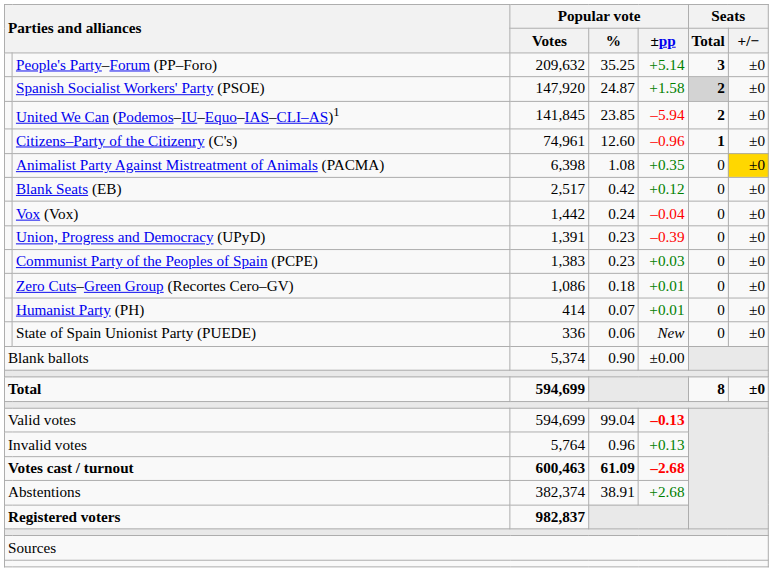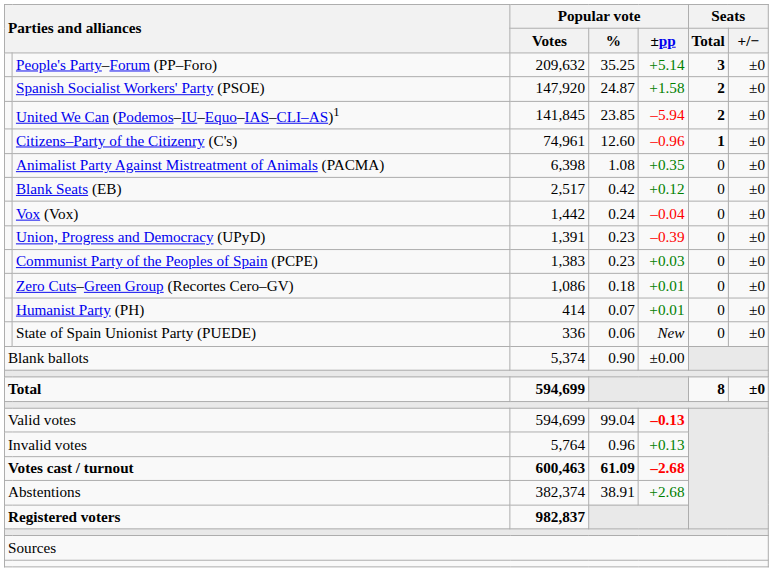 <table class="wikitable" style="text-align:right;">
 <tr>
 <th style="text-align:left;" rowspan="2" colspan="2" width="525">Parties and alliances</th>
 <th colspan="3">Popular vote</th>
 <th colspan="2">Seats</th>
 </tr>
 <tr>
 <th width="75">Votes</th>
 <th width="45">%</th>
 <th width="45">±<a href='#'>pp</a></th>
 <th width="35">Total</th>
 <th width="35">+/−</th>
 </tr>
 <tr>
 <td width="1" style="color:inherit;background:"></td>
 <td align="left"><a href='#'>People's Party</a>–<a href='#'>Forum</a> (PP–Foro)</td>
 <td>209,632</td>
 <td>35.25</td>
 <td style="color:green;">+5.14</td>
 <td><strong>3</strong></td>
 <td>±0</td>
 </tr>
 <tr>
 <td style="color:inherit;background:"></td>
 <td align="left"><a href='#'>Spanish Socialist Workers' Party</a> (PSOE)</td>
 <td>147,920</td>
 <td>24.87</td>
 <td style="color:green;">+1.58</td>
-<td style="background: lightgrey;"><strong>2</strong></td>
+<td><strong>2</strong></td>
 <td>±0</td>
 </tr>
 <tr>
 <td style="color:inherit;background:"></td>
 <td align="left"><a href='#'>United We Can</a> (<a href='#'>Podemos</a>–<a href='#'>IU</a>–<a href='#'>Equo</a>–<a href='#'>IAS</a>–<a href='#'>CLI–AS</a>)<sup>1</sup></td>
 <td>141,845</td>
 <td>23.85</td>
 <td style="color:red;">–5.94</td>
 <td><strong>2</strong></td>
 <td>±0</td>
 </tr>
 <tr>
 <td style="color:inherit;background:"></td>
 <td align="left"><a href='#'>Citizens–Party of the Citizenry</a> (C's)</td>
 <td>74,961</td>
 <td>12.60</td>
 <td style="color:red;">–0.96</td>
 <td><strong>1</strong></td>
 <td>±0</td>
 </tr>
 <tr>
 <td style="color:inherit;background:"></td>
 <td align="left"><a href='#'>Animalist Party Against Mistreatment of Animals</a> (PACMA)</td>
 <td>6,398</td>
 <td>1.08</td>
 <td style="color:green;">+0.35</td>
 <td>0</td>
-<td style="background: gold;">±0</td>
+<td>±0</td>
 </tr>
 <tr>
 <td style="color:inherit;background:"></td>
 <td align="left"><a href='#'>Blank Seats</a> (EB)</td>
 <td>2,517</td>
 <td>0.42</td>
 <td style="color:green;">+0.12</td>
 <td>0</td>
 <td>±0</td>
 </tr>
 <tr>
 <td style="color:inherit;background:"></td>
 <td align="left"><a href='#'>Vox</a> (Vox)</td>
 <td>1,442</td>
 <td>0.24</td>
 <td style="color:red;">–0.04</td>
 <td>0</td>
 <td>±0</td>
 </tr>
 <tr>
 <td style="color:inherit;background:"></td>
 <td align="left"><a href='#'>Union, Progress and Democracy</a> (UPyD)</td>
 <td>1,391</td>
 <td>0.23</td>
 <td style="color:red;">–0.39</td>
 <td>0</td>
 <td>±0</td>
 </tr>
 <tr>
 <td style="color:inherit;background:"></td>
 <td align="left"><a href='#'>Communist Party of the Peoples of Spain</a> (PCPE)</td>
 <td>1,383</td>
 <td>0.23</td>
 <td style="color:green;">+0.03</td>
 <td>0</td>
 <td>±0</td>
 </tr>
 <tr>
 <td style="color:inherit;background:"></td>
 <td align="left"><a href='#'>Zero Cuts</a>–<a href='#'>Green Group</a> (Recortes Cero–GV)</td>
 <td>1,086</td>
 <td>0.18</td>
 <td style="color:green;">+0.01</td>
 <td>0</td>
 <td>±0</td>
 </tr>
 <tr>
 <td style="color:inherit;background:"></td>
 <td align="left"><a href='#'>Humanist Party</a> (PH)</td>
 <td>414</td>
 <td>0.07</td>
 <td style="color:green;">+0.01</td>
 <td>0</td>
 <td>±0</td>
 </tr>
 <tr>
 <td style="color:inherit;background:"></td>
 <td align="left">State of Spain Unionist Party (PUEDE)</td>
 <td>336</td>
 <td>0.06</td>
 <td><em>New</em></td>
 <td>0</td>
 <td>±0</td>
 </tr>
 <tr>
 <td align="left" colspan="2">Blank ballots</td>
 <td>5,374</td>
 <td>0.90</td>
 <td>±0.00</td>
 <td bgcolor="#E9E9E9" colspan="2"></td>
 </tr>
 <tr>
 <td colspan="7" bgcolor="#E9E9E9"></td>
 </tr>
 <tr style="font-weight:bold;">
 <td align="left" colspan="2">Total</td>
 <td>594,699</td>
 <td bgcolor="#E9E9E9" colspan="2"></td>
 <td>8</td>
 <td>±0</td>
 </tr>
 <tr>
 <td colspan="7" bgcolor="#E9E9E9"></td>
 </tr>
 <tr>
 <td align="left" colspan="2">Valid votes</td>
 <td>594,699</td>
 <td>99.04</td>
 <td style="color:red;"><strong>–0.13</strong></td>
 <td bgcolor="#E9E9E9" colspan="2" rowspan="5"></td>
 </tr>
 <tr>
 <td align="left" colspan="2">Invalid votes</td>
 <td>5,764</td>
 <td>0.96</td>
 <td style="color:green;">+0.13</td>
 </tr>
 <tr style="font-weight:bold;">
 <td align="left" colspan="2">Votes cast / turnout</td>
 <td>600,463</td>
 <td>61.09</td>
 <td style="color:red;">–2.68</td>
 </tr>
 <tr>
 <td align="left" colspan="2">Abstentions</td>
 <td>382,374</td>
 <td>38.91</td>
 <td style="color:green;">+2.68</td>
 </tr>
 <tr style="font-weight:bold;">
 <td align="left" colspan="2">Registered voters</td>
 <td>982,837</td>
 <td bgcolor="#E9E9E9" colspan="2"></td>
 </tr>
 <tr>
 <td colspan="7" bgcolor="#E9E9E9"></td>
 </tr>
 <tr>
 <td align="left" colspan="7">Sources</td>
 </tr>
 <tr>
 <td colspan="7" style="text-align:left; max-width:790px;"></td>
 </tr>
 </table>
